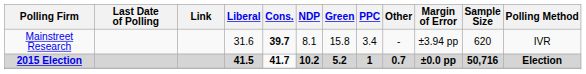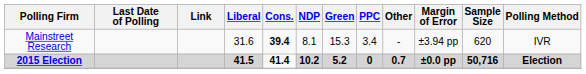 <table class="wikitable sortable" style="text-align:center;font-size:90%;line-height:14px;">
 <tr style="background:#e9e9e9;">
 <th style="width:120px">Polling Firm</th>
 <th style="width:110px">Last Date<br>of Polling</th>
 <th style="width:60px" class="unsortable">Link</th>
 <th style="background-color:"><strong><a href='#'>Liberal</a></strong></th>
 <th style="background-color:"><strong><a href='#'>Cons.</a></strong></th>
 <th style="background-color:"><strong><a href='#'>NDP</a></strong></th>
 <th style="background-color:"><strong><a href='#'>Green</a></strong></th>
 <th style="background-color:"><strong><a href='#'>PPC</a></strong></th>
 <th style="background-color:"><strong>Other</strong></th>
 <th style="width:60px;" class="unsortable">Margin<br>of Error</th>
 <th style="width:50px;" class="unsortable">Sample<br>Size</th>
 <th class="unsortable">Polling Method</th>
 </tr>
 <tr>
 <td><a href='#'>Mainstreet Research</a></td>
 <td></td>
 <td></td>
 <td>31.6</td>
-<td><strong>39.7</strong></td>
+<td><strong>39.4</strong></td>
 <td>8.1</td>
-<td>15.8</td>
+<td>15.3</td>
 <td>3.4</td>
 <td>-</td>
 <td>±3.94 pp</td>
 <td>620</td>
 <td>IVR</td>
 </tr>
 <tr>
 <td style="background:#D5D5D5"><strong><a href='#'>2015 Election</a></strong></td>
 <td style="background:#D5D5D5"><strong></strong></td>
 <td style="background:#D5D5D5"></td>
 <td style="background:#D5D5D5"><strong>41.5</strong></td>
-<td><strong>41.7</strong></td>
+<td><strong>41.4</strong></td>
 <td style="background:#D5D5D5"><strong>10.2</strong></td>
 <td style="background:#D5D5D5"><strong>5.2</strong></td>
-<td style="background:#D5D5D5"><strong>1</strong></td>
+<td style="background:#D5D5D5"><strong>0</strong></td>
 <td style="background:#D5D5D5"><strong>0.7</strong></td>
 <td style="background:#D5D5D5"><strong>±0.0 pp</strong></td>
 <td style="background:#D5D5D5"><strong>50,716</strong></td>
 <td style="background:#D5D5D5"><strong>Election</strong></td>
 </tr>
 <tr>
 </tr>
 <tr>
 </tr>
 </table>
